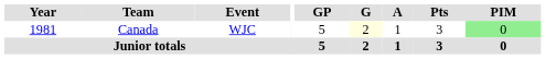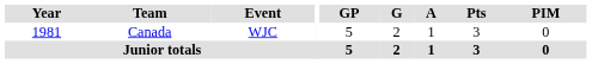 <table border="0" cellpadding="1" cellspacing="0" ID="Table3" style="text-align:center; width:40em">
 <tr bgcolor="#e0e0e0">
 <th>Year</th>
 <th>Team</th>
 <th>Event</th>
 <th rowspan="102" bgcolor="#ffffff"></th>
 <th>GP</th>
 <th>G</th>
 <th>A</th>
 <th>Pts</th>
 <th>PIM</th>
 </tr>
 <tr>
 <td><a href='#'>1981</a></td>
 <td><a href='#'>Canada</a></td>
 <td><a href='#'>WJC</a></td>
 <td>5</td>
-<td style="background: lightyellow;">2</td>
+<td>2</td>
 <td>1</td>
 <td>3</td>
-<td style="background: lightgreen;">0</td>
+<td>0</td>
 </tr>
 <tr bgcolor="#e0e0e0">
 <th colspan="4">Junior totals</th>
 <th>5</th>
 <th>2</th>
 <th>1</th>
 <th>3</th>
 <th>0</th>
 </tr>
 </table>
